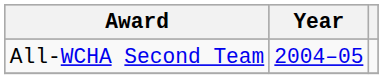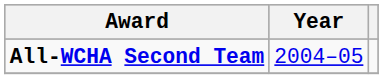 <table class="wikitable">
 <tr>
 <th>Award</th>
 <th>Year</th>
 <th></th>
 </tr>
 <tr>
-<td>All-<a href='#'>WCHA</a> <a href='#'>Second Team</a></td>
+<td><strong>All-<a href='#'>WCHA</a> <a href='#'>Second Team</a></strong></td>
 <td><a href='#'>2004–05</a></td>
 <td></td>
 </tr>
 <tr>
 </tr>
 </table>
